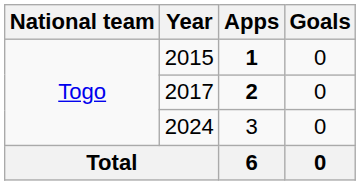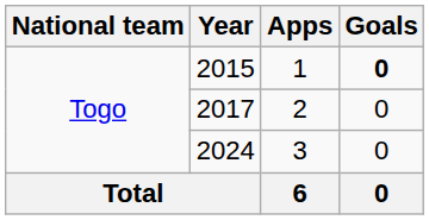 <table class="wikitable" style="text-align:center">
 <tr>
 <th>National team</th>
 <th>Year</th>
 <th>Apps</th>
 <th>Goals</th>
 </tr>
 <tr>
 <td rowspan="3"><a href='#'>Togo</a></td>
 <td>2015</td>
-<td><strong>1</strong></td>
-<td>0</td>
+<td>1</td>
+<td><strong>0</strong></td>
 </tr>
 <tr>
 <td>2017</td>
-<td><strong>2</strong></td>
+<td>2</td>
 <td>0</td>
 </tr>
 <tr>
 <td>2024</td>
 <td>3</td>
 <td>0</td>
 </tr>
 <tr>
 <th colspan="2">Total</th>
 <th>6</th>
 <th>0</th>
 </tr>
 </table>
